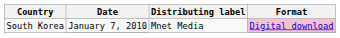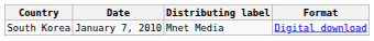 <table class="wikitable">
 <tr>
 <th>Country</th>
 <th>Date</th>
 <th>Distributing label</th>
 <th>Format</th>
 </tr>
 <tr>
 <td rowspan="2">South Korea</td>
 <td>January 7, 2010</td>
 <td rowspan="2">Mnet Media</td>
-<td style="background: pink;"><a href='#'>Digital download</a></td>
+<td><a href='#'>Digital download</a></td>
 </tr>
 <tr>
 </tr>
 </table>
